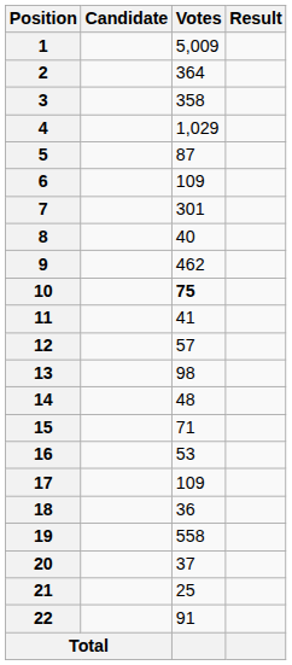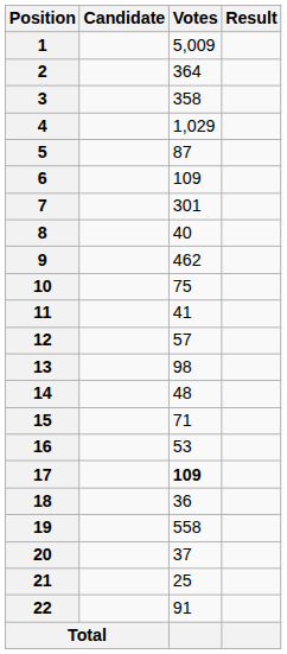 <table class="wikitable sortable col3right">
 <tr>
 <th scope="col">Position</th>
 <th scope="col">Candidate</th>
 <th scope="col">Votes</th>
 <th scope="col">Result</th>
 </tr>
 <tr>
 <th scope="row">1</th>
 <td></td>
 <td>5,009</td>
 <td></td>
 </tr>
 <tr>
 <th scope="row">2</th>
 <td></td>
 <td>364</td>
 <td></td>
 </tr>
 <tr>
 <th scope="row">3</th>
 <td></td>
 <td>358</td>
 <td></td>
 </tr>
 <tr>
 <th scope="row">4</th>
 <td></td>
 <td>1,029</td>
 <td></td>
 </tr>
 <tr>
 <th scope="row">5</th>
 <td></td>
 <td>87</td>
 <td></td>
 </tr>
 <tr>
 <th scope="row">6</th>
 <td></td>
 <td>109</td>
 <td></td>
 </tr>
 <tr>
 <th scope="row">7</th>
 <td></td>
 <td>301</td>
 <td></td>
 </tr>
 <tr>
 <th scope="row">8</th>
 <td></td>
 <td>40</td>
 <td></td>
 </tr>
 <tr>
 <th scope="row">9</th>
 <td></td>
 <td>462</td>
 <td></td>
 </tr>
 <tr>
 <th scope="row">10</th>
 <td></td>
-<td><strong>75</strong></td>
+<td>75</td>
 <td></td>
 </tr>
 <tr>
 <th scope="row">11</th>
 <td></td>
 <td>41</td>
 <td></td>
 </tr>
 <tr>
 <th scope="row">12</th>
 <td></td>
 <td>57</td>
 <td></td>
 </tr>
 <tr>
 <th scope="row">13</th>
 <td></td>
 <td>98</td>
 <td></td>
 </tr>
 <tr>
 <th scope="row">14</th>
 <td></td>
 <td>48</td>
 <td></td>
 </tr>
 <tr>
 <th scope="row">15</th>
 <td></td>
 <td>71</td>
 <td></td>
 </tr>
 <tr>
 <th scope="row">16</th>
 <td></td>
 <td>53</td>
 <td></td>
 </tr>
 <tr>
 <th scope="row">17</th>
 <td></td>
-<td>109</td>
+<td><strong>109</strong></td>
 <td></td>
 </tr>
 <tr>
 <th scope="row">18</th>
 <td></td>
 <td>36</td>
 <td></td>
 </tr>
 <tr>
 <th scope="row">19</th>
 <td></td>
 <td>558</td>
 <td></td>
 </tr>
 <tr>
 <th scope="row">20</th>
 <td></td>
 <td>37</td>
 <td></td>
 </tr>
 <tr>
 <th scope="row">21</th>
 <td></td>
 <td>25</td>
 <td></td>
 </tr>
 <tr>
 <th scope="row">22</th>
 <td></td>
 <td>91</td>
 <td></td>
 </tr>
 <tr class="sortbottom">
 <th scope="row" colspan="2">Total</th>
 <th></th>
 <th></th>
 </tr>
 </table>
